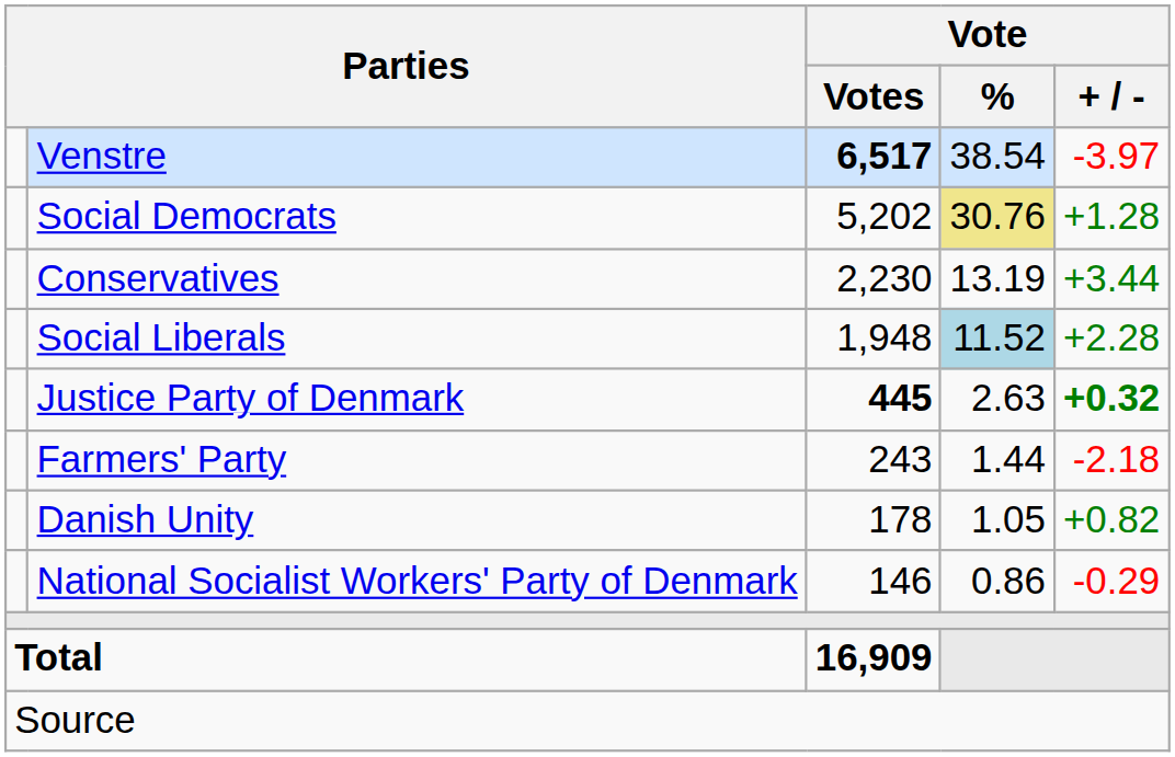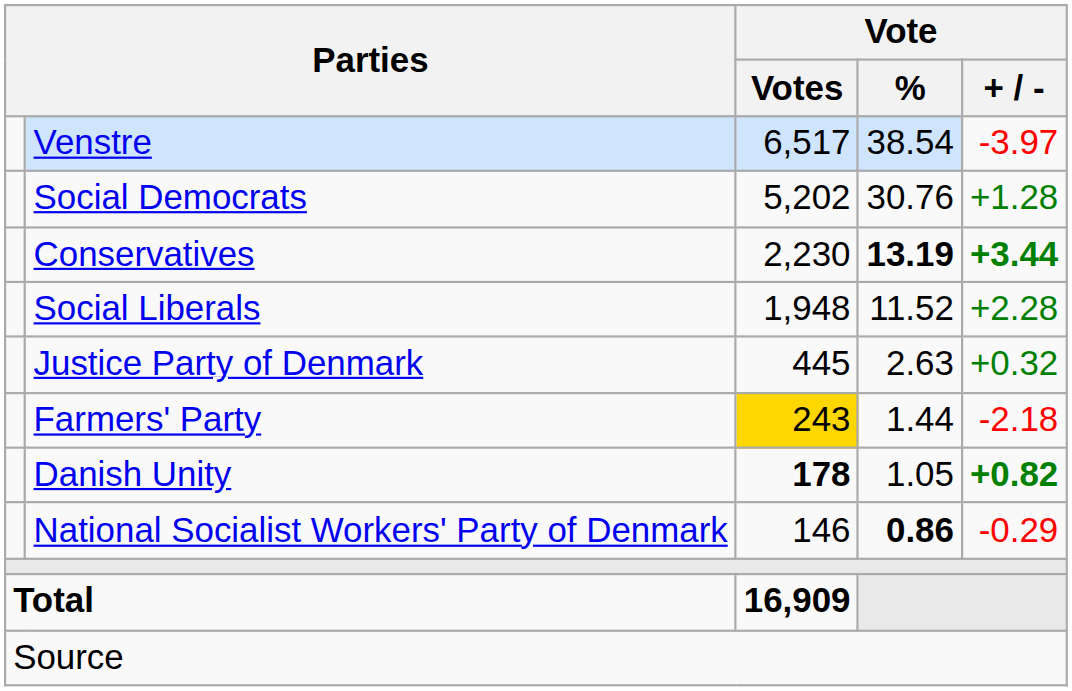 <table class="wikitable" style="text-align:right;">
 <tr>
 <th style="text-align:centre;" rowspan="2" colspan="2" width="225">Parties</th>
 <th colspan="3">Vote</th>
 </tr>
 <tr>
 <th width="15">Votes</th>
 <th width="15">%</th>
 <th width="15">+ / -</th>
 </tr>
 <tr>
 <td width="2" style="color:inherit;background:"></td>
 <td bgcolor=#cfe5fe  align="left"><a href='#'>Venstre</a></td>
-<td bgcolor=#cfe5fe><strong>6,517</strong></td>
+<td bgcolor=#cfe5fe>6,517</td>
 <td bgcolor=#cfe5fe>38.54</td>
 <td style=color:red;>-3.97</td>
 </tr>
 <tr>
 <td width="2" style="color:inherit;background:"></td>
 <td align="left"><a href='#'>Social Democrats</a></td>
 <td>5,202</td>
-<td style="background: khaki;">30.76</td>
+<td>30.76</td>
 <td style=color:green;>+1.28</td>
 </tr>
 <tr>
 <td width="2" style="color:inherit;background:"></td>
 <td align="left"><a href='#'>Conservatives</a></td>
 <td>2,230</td>
-<td>13.19</td>
-<td style=color:green;>+3.44</td>
+<td><strong>13.19</strong></td>
+<td style=color:green;><strong>+3.44</strong></td>
 </tr>
 <tr>
 <td width="2" style="color:inherit;background:"></td>
 <td align="left"><a href='#'>Social Liberals</a></td>
 <td>1,948</td>
-<td style="background: lightblue;">11.52</td>
+<td>11.52</td>
 <td style=color:green;>+2.28</td>
 </tr>
 <tr>
 <td width="2" style="color:inherit;background:"></td>
 <td align="left"><a href='#'>Justice Party of Denmark</a></td>
-<td><strong>445</strong></td>
+<td>445</td>
 <td>2.63</td>
-<td style=color:green;><strong>+0.32</strong></td>
+<td style=color:green;>+0.32</td>
 </tr>
 <tr>
 <td width="2" style="color:inherit;background:"></td>
 <td align="left"><a href='#'>Farmers' Party</a></td>
-<td>243</td>
+<td style="background: gold;">243</td>
 <td>1.44</td>
 <td style=color:red;>-2.18</td>
 </tr>
 <tr>
 <td width="2" style="color:inherit;background:"></td>
 <td align="left"><a href='#'>Danish Unity</a></td>
-<td>178</td>
+<td><strong>178</strong></td>
 <td>1.05</td>
-<td style=color:green;>+0.82</td>
+<td style=color:green;><strong>+0.82</strong></td>
 </tr>
 <tr>
 <td width="2" style="color:inherit;background:"></td>
 <td align="left"><a href='#'>National Socialist Workers' Party of Denmark</a></td>
 <td>146</td>
-<td>0.86</td>
+<td><strong>0.86</strong></td>
 <td style=color:red;>-0.29</td>
 </tr>
 <tr>
 <td colspan="7" bgcolor="#E9E9E9"></td>
 </tr>
 <tr>
 <td align="left" colspan="2"><strong>Total</strong></td>
 <td><strong>16,909</strong></td>
 <td bgcolor="#E9E9E9" colspan="2"></td>
 </tr>
 <tr>
 <td align="left" colspan="6">Source</td>
 </tr>
 </table>
